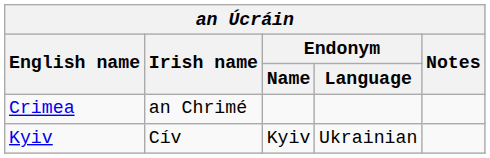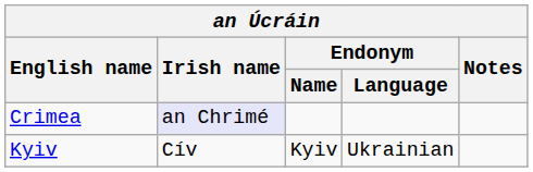 <table class="wikitable sortable">
 <tr>
 <th colspan="5"> <em>an Úcráin</em></th>
 </tr>
 <tr>
 <th rowspan="2">English name</th>
 <th rowspan="2">Irish name</th>
 <th colspan="2">Endonym</th>
 <th rowspan="2">Notes</th>
 </tr>
 <tr>
 <th>Name</th>
 <th>Language</th>
 </tr>
 <tr>
 <td><a href='#'>Crimea</a></td>
-<td>an Chrimé</td>
+<td style="background: lavender;">an Chrimé</td>
 <td></td>
 <td></td>
 <td></td>
 </tr>
 <tr>
 <td><a href='#'>Kyiv</a></td>
 <td>Cív</td>
 <td>Kyiv</td>
 <td>Ukrainian</td>
 <td></td>
 </tr>
 </table>
